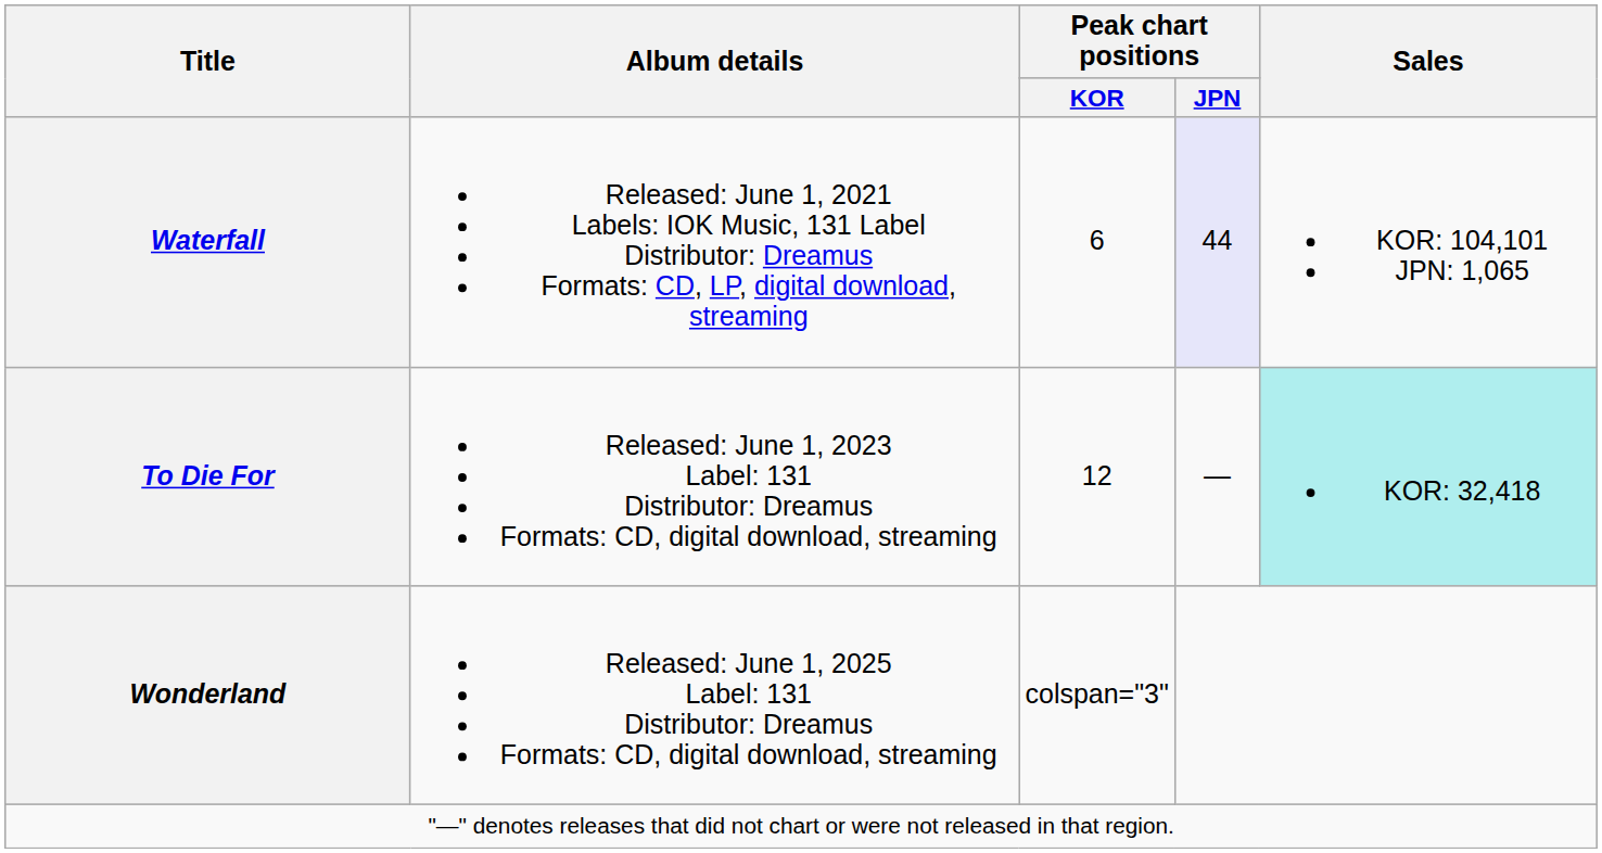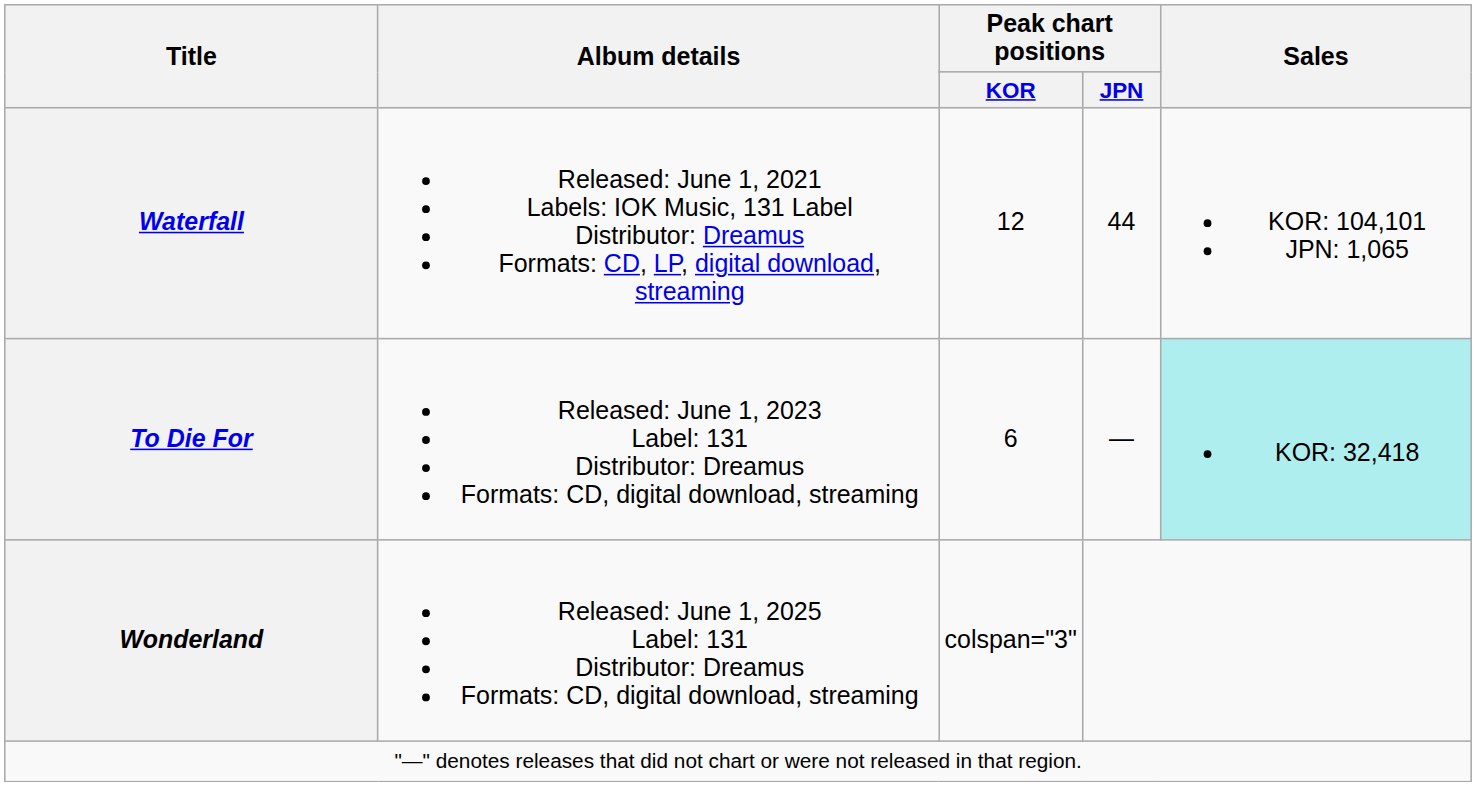 <table class="wikitable plainrowheaders" style="text-align:center;">
 <tr>
 <th scope="col" rowspan="2" style="width:14.5em;">Title</th>
 <th rowspan="2" style="width:22em;">Album details</th>
 <th scope="col" colspan="2">Peak chart <br>positions</th>
 <th scope="col" rowspan="2" style="width:12em;">Sales</th>
 </tr>
 <tr>
 <th scope="col" style="width:3em;font-size:90%"><a href='#'>KOR</a><br></th>
 <th scope="col" style="width:3em;font-size:90%"><a href='#'>JPN</a><br></th>
 </tr>
 <tr>
 <th scope="row"><em><a href='#'>Waterfall</a></em></th>
 <td><br><ul><li>Released: June 1, 2021</li><li>Labels: IOK Music, 131 Label</li><li>Distributor: <a href='#'>Dreamus</a></li><li>Formats: <a href='#'>CD</a>, <a href='#'>LP</a>, <a href='#'>digital download</a>, <a href='#'>streaming</a></li></ul></td>
-<td>6</td>
-<td style="background: lavender;">44</td>
+<td>12</td>
+<td>44</td>
 <td><br><ul><li>KOR: 104,101</li><li>JPN: 1,065 </li></ul></td>
 </tr>
 <tr>
 <th scope="row"><em><a href='#'>To Die For</a></em></th>
 <td><br><ul><li>Released: June 1, 2023</li><li>Label: 131</li><li>Distributor: Dreamus</li><li>Formats: CD, digital download, streaming</li></ul></td>
-<td>12</td>
+<td>6</td>
 <td>—</td>
 <td style="background: paleturquoise;"><br><ul><li>KOR: 32,418</li></ul></td>
 </tr>
 <tr>
 <th scope="row"><em>Wonderland</em></th>
 <td><br><ul><li>Released: June 1, 2025</li><li>Label: 131</li><li>Distributor: Dreamus</li><li>Formats: CD, digital download, streaming</li></ul></td>
 <td>colspan="3" </td>
 </tr>
 <tr>
 <td colspan="5"><small>"—" denotes releases that did not chart or were not released in that region.</small></td>
 </tr>
 </table>
